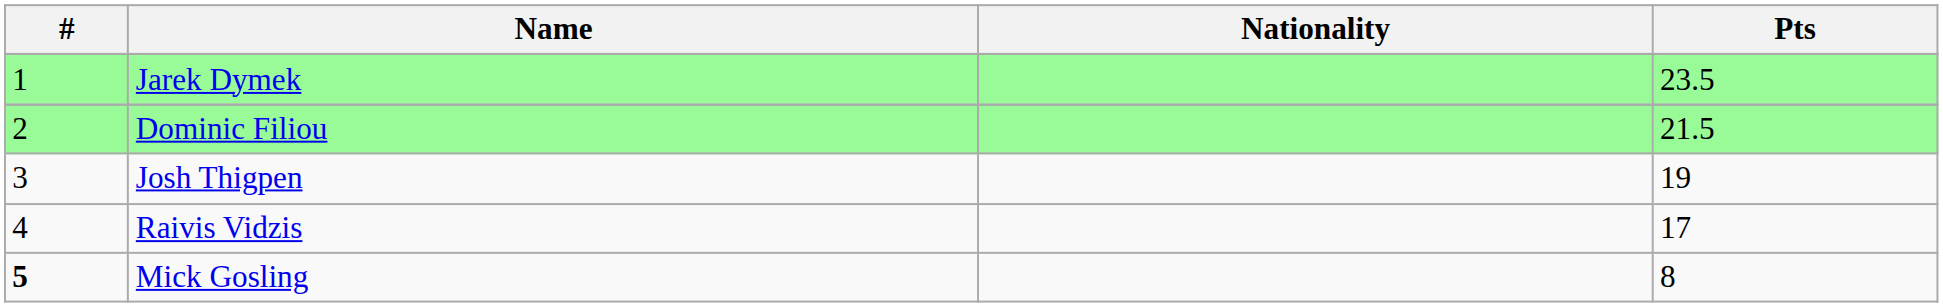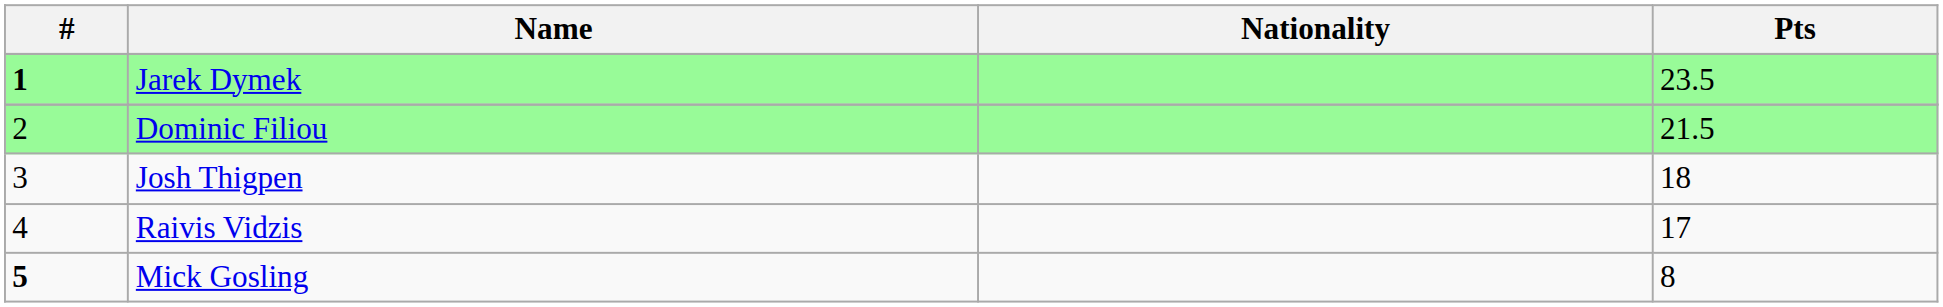 <table class="wikitable" style="display: inline-table; width: 50%;">
 <tr>
 <th>#</th>
 <th>Name</th>
 <th>Nationality</th>
 <th>Pts</th>
 </tr>
 <tr>
 </tr>
 <tr style="background:palegreen">
-<td>1</td>
+<td><strong>1</strong></td>
 <td><a href='#'>Jarek Dymek</a></td>
 <td></td>
 <td>23.5</td>
 </tr>
 <tr>
 </tr>
 <tr style="background:palegreen">
 <td>2</td>
 <td><a href='#'>Dominic Filiou</a></td>
 <td></td>
 <td>21.5</td>
 </tr>
 <tr>
 <td>3</td>
 <td><a href='#'>Josh Thigpen</a></td>
 <td></td>
-<td>19</td>
+<td>18</td>
 </tr>
 <tr>
 <td>4</td>
 <td><a href='#'>Raivis Vidzis</a></td>
 <td></td>
 <td>17</td>
 </tr>
 <tr>
 <td><strong>5</strong></td>
 <td><a href='#'>Mick Gosling</a></td>
 <td></td>
 <td>8</td>
 </tr>
 </table>
